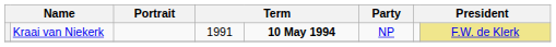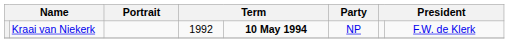 <table class="wikitable" width=60%>
 <tr>
 <th colspan=2 width=20%>Name</th>
 <th width=75>Portrait</th>
 <th colspan=2 width=30%>Term</th>
 <th width=10%>Party</th>
 <th colspan=2 width=25%>President</th>
 </tr>
 <tr style="text-align:center">
 <th style="width:1%;background-color: "></th>
 <td align=left><a href='#'>Kraai van Niekerk</a></td>
 <td></td>
-<td>1991</td>
+<td>1992</td>
 <td><strong>10 May 1994</strong></td>
 <td><a href='#'>NP</a></td>
 <td style="width:1%;background-color: "></td>
-<td style="background: khaki;"><a href='#'>F.W. de Klerk</a><br> </td>
+<td><a href='#'>F.W. de Klerk</a><br> </td>
 </tr>
 <tr>
 </tr>
 </table>
